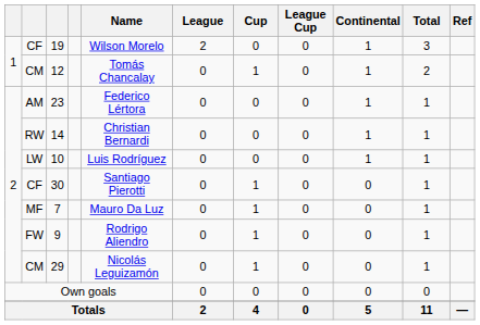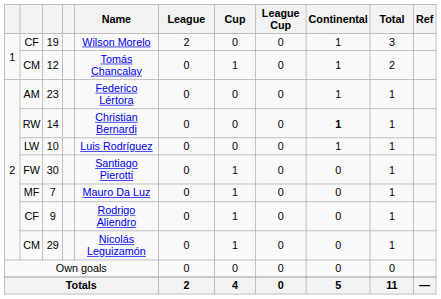 <table class="wikitable sortable" style="font-size: 95%; text-align: center;">
 <tr>
 <th style="width:25px; background:#; color:;"></th>
 <th style="width:25px; background:#; color:;"></th>
 <th style="width:25px; background:#; color:;"></th>
 <th style="width:25px; background:#; color:;"></th>
 <th style="width:150px; background:#; color:;">Name</th>
 <th style="width:100px; background:#; color:;">League</th>
 <th style="width:80px; background:#; color:;">Cup</th>
 <th style="width:80px; background:#; color:;">League Cup</th>
 <th style="width:80px; background:#; color:;">Continental</th>
 <th style="width:80px; background:#; color:;"><strong>Total</strong></th>
 <th style="width:10px; background:#; color:;"><strong>Ref</strong></th>
 </tr>
 <tr>
 <td rowspan=2>1</td>
 <td>CF</td>
 <td>19</td>
 <td></td>
 <td data-sort-value="Morelo, Wilson"><a href='#'>Wilson Morelo</a></td>
 <td>2</td>
 <td>0</td>
 <td>0</td>
 <td>1</td>
 <td>3</td>
 <td></td>
 </tr>
 <tr>
 <td>CM</td>
 <td>12</td>
 <td></td>
 <td data-sort-value="Chancalay, Tomás"><a href='#'>Tomás Chancalay</a></td>
 <td>0</td>
 <td>1</td>
 <td>0</td>
 <td>1</td>
 <td>2</td>
 <td></td>
 </tr>
 <tr>
 <td rowspan=7>2</td>
 <td>AM</td>
 <td>23</td>
 <td></td>
 <td data-sort-value="Lértora, Federico"><a href='#'>Federico Lértora</a></td>
 <td>0</td>
 <td>0</td>
 <td>0</td>
 <td>1</td>
 <td>1</td>
 <td></td>
 </tr>
 <tr>
 <td>RW</td>
 <td>14</td>
 <td></td>
 <td data-sort-value="Bernardi, Christian"><a href='#'>Christian Bernardi</a></td>
 <td>0</td>
 <td>0</td>
 <td>0</td>
-<td>1</td>
+<td><strong>1</strong></td>
 <td>1</td>
 <td></td>
 </tr>
 <tr>
 <td>LW</td>
 <td>10</td>
 <td></td>
 <td data-sort-value="Rodríguez, Luis"><a href='#'>Luis Rodríguez</a></td>
 <td>0</td>
 <td>0</td>
 <td>0</td>
 <td>1</td>
 <td>1</td>
 <td></td>
 </tr>
 <tr>
-<td>CF</td>
+<td>FW</td>
 <td>30</td>
 <td></td>
 <td data-sort-value="Pierotti, Santiago"><a href='#'>Santiago Pierotti</a></td>
 <td>0</td>
 <td>1</td>
 <td>0</td>
 <td>0</td>
 <td>1</td>
 <td></td>
 </tr>
 <tr>
 <td>MF</td>
 <td>7</td>
 <td></td>
 <td data-sort-value="Da Luz, Mauro"><a href='#'>Mauro Da Luz</a></td>
 <td>0</td>
 <td>1</td>
 <td>0</td>
 <td>0</td>
 <td>1</td>
 <td></td>
 </tr>
 <tr>
-<td>FW</td>
+<td>CF</td>
 <td>9</td>
 <td></td>
 <td data-sort-value="Aliendro, Rodrigo"><a href='#'>Rodrigo Aliendro</a></td>
 <td>0</td>
 <td>1</td>
 <td>0</td>
 <td>0</td>
 <td>1</td>
 <td></td>
 </tr>
 <tr>
 <td>CM</td>
 <td>29</td>
 <td></td>
 <td data-sort-value="Leguizamón, Nicolás"><a href='#'>Nicolás Leguizamón</a></td>
 <td>0</td>
 <td>1</td>
 <td>0</td>
 <td>0</td>
 <td>1</td>
 <td></td>
 </tr>
 <tr>
 <td colspan="5">Own goals</td>
 <td>0</td>
 <td>0</td>
 <td>0</td>
 <td>0</td>
 <td>0</td>
 <td></td>
 </tr>
 <tr>
 </tr>
 <tr class="sortbottom">
 </tr>
 <tr class="sortbottom">
 <th colspan=5><strong>Totals</strong></th>
 <th><strong>2</strong></th>
 <th><strong>4</strong></th>
 <th><strong>0</strong></th>
 <th><strong>5</strong></th>
 <th><strong>11</strong></th>
 <th><strong>—</strong></th>
 </tr>
 </table>
